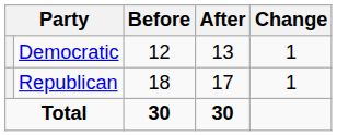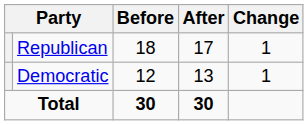 <table class="wikitable" style="text-align:center;">
 <tr>
 <th colspan="2">Party</th>
 <th>Before</th>
 <th>After</th>
 <th>Change</th>
 </tr>
 <tr>
 <th style="background-color:"></th>
-<td style="text-align:left;"><a href='#'>Democratic</a></td>
-<td>12</td>
-<td>13</td>
+<td style="text-align:left;"><a href='#'>Republican</a></td>
+<td>18</td>
+<td>17</td>
 <td> 1</td>
 </tr>
 <tr>
 <th style="background-color:"></th>
-<td style="text-align:left;"><a href='#'>Republican</a></td>
-<td>18</td>
-<td>17</td>
+<td style="text-align:left;"><a href='#'>Democratic</a></td>
+<td>12</td>
+<td>13</td>
 <td> 1</td>
 </tr>
 <tr>
 <td colspan="2"><strong>Total</strong></td>
 <td><strong>30</strong></td>
 <td><strong>30</strong></td>
 <td></td>
 </tr>
 </table>
